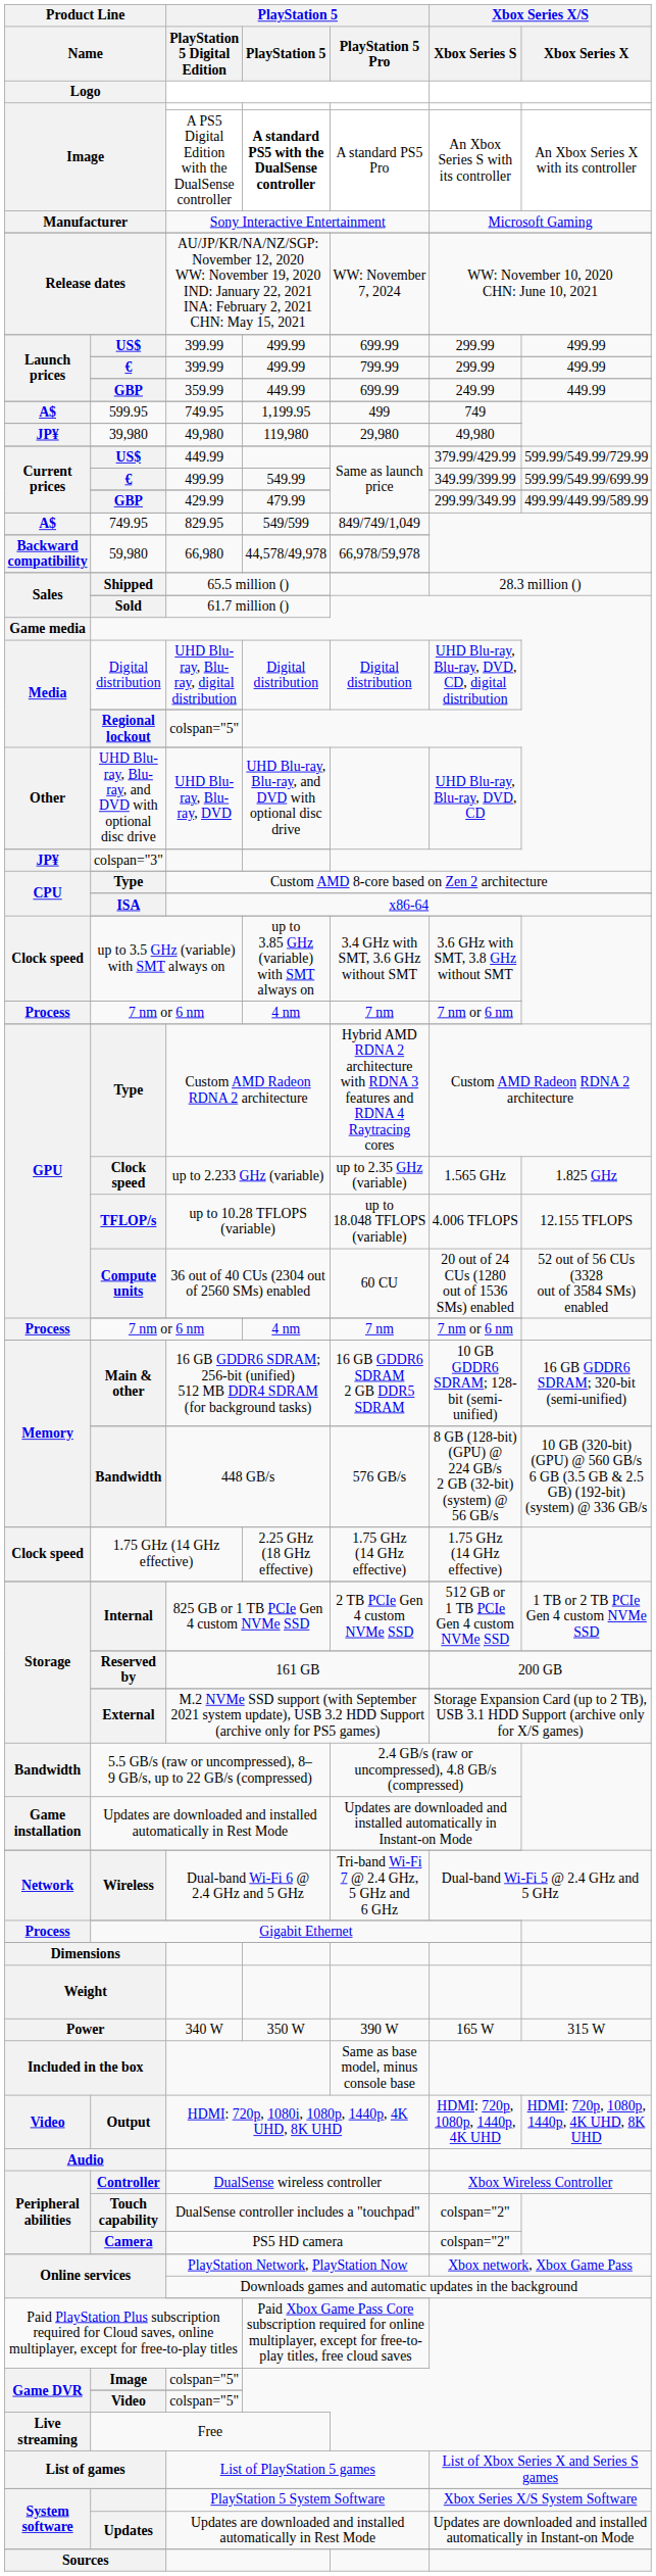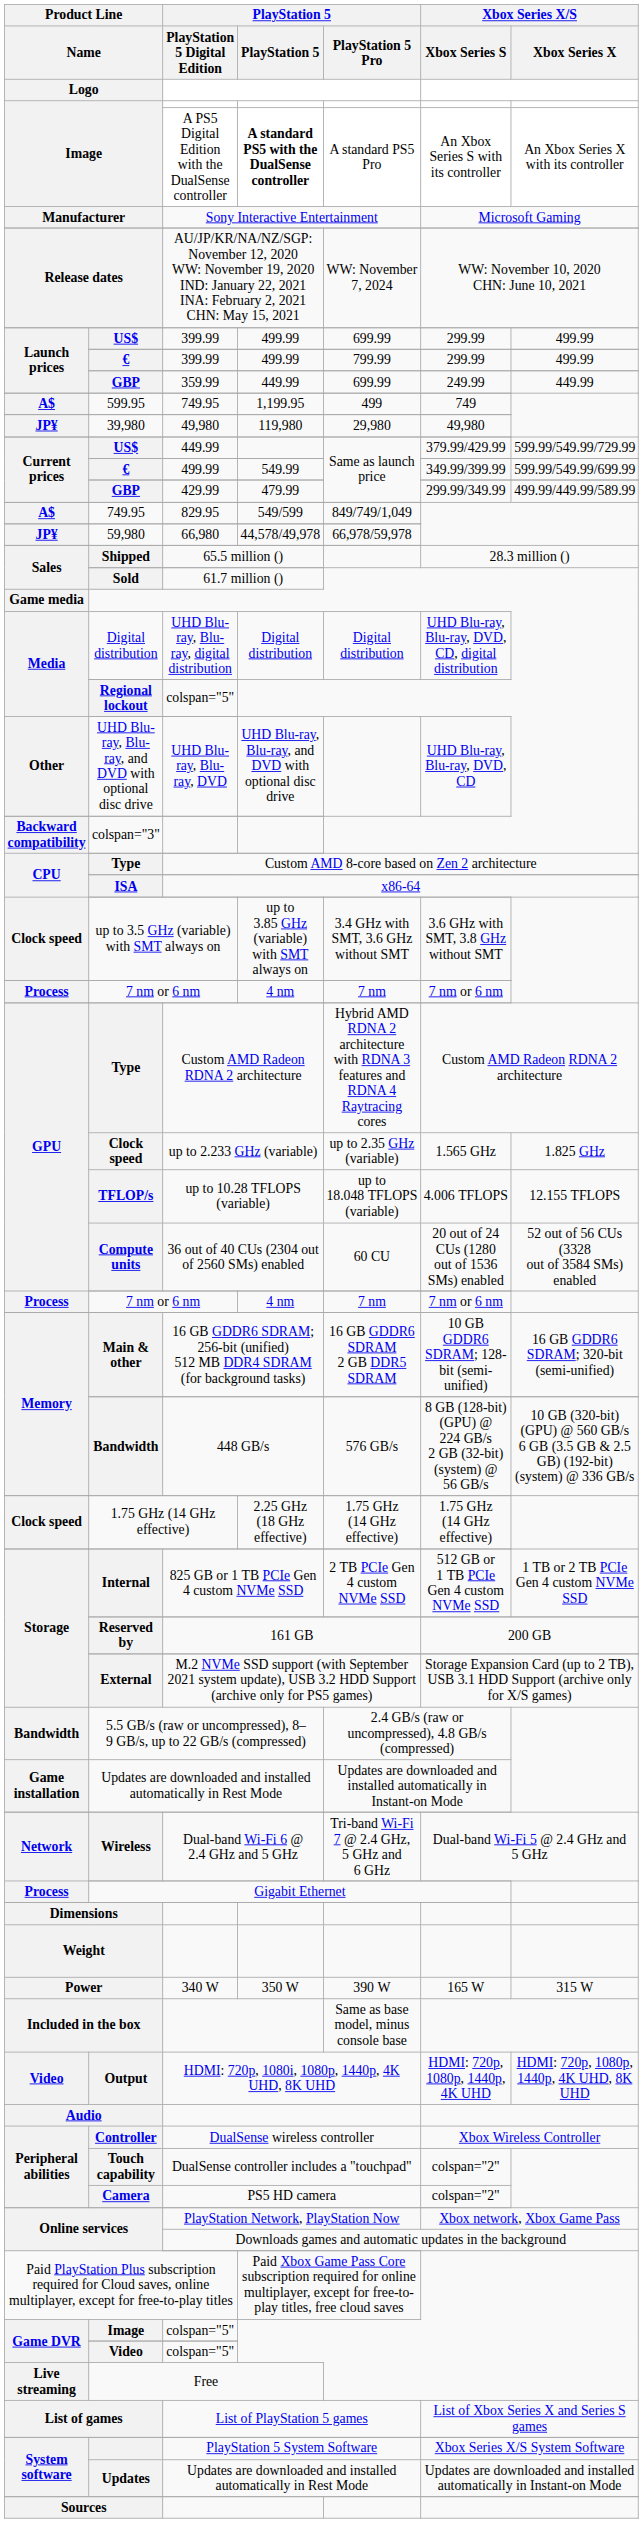 <table class="wikitable">
 <tr>
 <th colspan="2" scope="col">Product Line</th>
 <th colspan="3" style="width:45%"><a href='#'>PlayStation 5</a></th>
 <th colspan="2" style="width:45%"><a href='#'>Xbox Series X/S</a></th>
 </tr>
 <tr>
 <th colspan="2" scope="row">Name</th>
 <th>PlayStation 5 Digital Edition</th>
 <th>PlayStation 5</th>
 <th>PlayStation 5 Pro</th>
 <th>Xbox Series S</th>
 <th>Xbox Series X</th>
 </tr>
 <tr style="background: white; text-align: center;">
 <th colspan="2" scope="row">Logo</th>
 <td colspan="3"></td>
 <td colspan="2"></td>
 </tr>
 <tr style="background: white; text-align: center;">
 <th colspan="2" rowspan="2" scope="row">Image</th>
 <td></td>
 <td></td>
 <td></td>
 <td></td>
 <td></td>
 </tr>
 <tr style="background: white; text-align: center;">
 <td>A PS5 Digital Edition with the DualSense controller</td>
 <td><strong>A standard PS5 with the DualSense controller</strong></td>
 <td>A standard PS5 Pro</td>
 <td>An Xbox Series S with its controller</td>
 <td>An Xbox Series X with its controller</td>
 </tr>
 <tr align="center">
 <th colspan="2" scope="row">Manufacturer</th>
 <td colspan="3"><a href='#'>Sony Interactive Entertainment</a></td>
 <td colspan="2"><a href='#'>Microsoft Gaming</a></td>
 </tr>
 <tr>
 </tr>
 <tr align="center">
 <th colspan="2" scope="row">Release dates</th>
 <td colspan="2">AU/JP/KR/NA/NZ/SGP: November 12, 2020<br>WW: November 19, 2020<br> IND: January 22, 2021 <br> INA: February 2, 2021<br>CHN: May 15, 2021</td>
 <td>WW: November 7, 2024</td>
 <td colspan="2">WW: November 10, 2020 <br> CHN: June 10, 2021</td>
 </tr>
 <tr>
 </tr>
 <tr style="text-align: center;">
 <th rowspan="5" scope="row">Launch prices</th>
 <th scope="row"><a href='#'>US$</a></th>
 <td>399.99</td>
 <td>499.99</td>
 <td>699.99</td>
 <td>299.99</td>
 <td>499.99</td>
 </tr>
 <tr>
 </tr>
 <tr style="text-align: center;">
 <th scope="row"><a href='#'>€</a></th>
 <td>399.99</td>
 <td>499.99</td>
 <td>799.99</td>
 <td>299.99</td>
 <td>499.99</td>
 </tr>
 <tr>
 </tr>
 <tr style="text-align: center;">
 <th scope="row"><a href='#'>GBP</a></th>
 <td>359.99</td>
 <td>449.99</td>
 <td>699.99</td>
 <td>249.99</td>
 <td>449.99</td>
 </tr>
 <tr>
 </tr>
 <tr style="text-align: center;">
 <th scope="row"><a href='#'>A$</a></th>
 <td>599.95</td>
 <td>749.95</td>
 <td>1,199.95</td>
 <td>499</td>
 <td>749</td>
 </tr>
 <tr>
 </tr>
 <tr style="text-align: center;">
 <th scope="row"><a href='#'>JP¥</a></th>
 <td>39,980</td>
 <td>49,980</td>
 <td>119,980</td>
 <td>29,980</td>
 <td>49,980</td>
 </tr>
 <tr>
 </tr>
 <tr style="text-align: center;">
 <th rowspan="5" scope="row">Current prices<br></th>
 <th scope="row"><a href='#'>US$</a></th>
 <td>449.99</td>
 <td></td>
 <td rowspan="5">Same as launch price</td>
 <td>379.99/429.99</td>
 <td>599.99/549.99/729.99</td>
 </tr>
 <tr>
 </tr>
 <tr style="text-align: center;">
 <th scope="row"><a href='#'>€</a></th>
 <td>499.99</td>
 <td>549.99</td>
 <td>349.99/399.99</td>
 <td>599.99/549.99/699.99</td>
 </tr>
 <tr>
 </tr>
 <tr style="text-align: center;">
 <th scope="row"><a href='#'>GBP</a></th>
 <td>429.99</td>
 <td>479.99</td>
 <td>299.99/349.99</td>
 <td>499.99/449.99/589.99</td>
 </tr>
 <tr>
 </tr>
 <tr style="text-align: center;">
 <th scope="row"><a href='#'>A$</a></th>
 <td>749.95</td>
 <td>829.95</td>
 <td>549/599</td>
 <td>849/749/1,049</td>
 </tr>
 <tr>
 </tr>
 <tr style="text-align: center;">
-<th scope="row"><a href='#'>Backward compatibility</a></th>
+<th scope="row"><a href='#'>JP¥</a></th>
 <td>59,980</td>
 <td>66,980</td>
 <td>44,578/49,978</td>
 <td>66,978/59,978</td>
 </tr>
 <tr>
 </tr>
 <tr style="text-align: center;">
 <th rowspan="3" scope="row">Sales</th>
 <th scope="row">Shipped</th>
 <td colspan="2">65.5 million ()</td>
 <td rowspan="2"></td>
 <td colspan="2" rowspan="2">28.3 million ()</td>
 </tr>
 <tr>
 </tr>
 <tr style="text-align: center;">
 <th scope="row">Sold</th>
 <td colspan="2">61.7 million ()</td>
 </tr>
 <tr>
 <th rowspan="2" scope="row">Game media</th>
 </tr>
 <tr>
 </tr>
 <tr style="text-align: center;">
 <th rowspan="4" scope="row"><a href='#'>Media</a></th>
 <td><a href='#'>Digital distribution</a></td>
 <td><a href='#'>UHD Blu-ray</a>, <a href='#'>Blu-ray</a>, <a href='#'>digital distribution</a></td>
 <td><a href='#'>Digital distribution</a></td>
 <td><a href='#'>Digital distribution</a></td>
 <td><a href='#'>UHD Blu-ray</a>, <a href='#'>Blu-ray</a>, <a href='#'>DVD</a>, <a href='#'>CD</a>, <a href='#'>digital distribution</a></td>
 </tr>
 <tr>
 </tr>
 <tr style="text-align:center;">
 <th><a href='#'>Regional lockout</a></th>
 <td>colspan="5" </td>
 </tr>
 <tr>
 </tr>
 <tr style="text-align: center;">
 <th scope="row">Other</th>
 <td><a href='#'>UHD Blu-ray</a>, <a href='#'>Blu-ray</a>, and <a href='#'>DVD</a> with optional disc drive</td>
 <td><a href='#'>UHD Blu-ray</a>, <a href='#'>Blu-ray</a>, <a href='#'>DVD</a></td>
 <td><a href='#'>UHD Blu-ray</a>, <a href='#'>Blu-ray</a>, and <a href='#'>DVD</a> with optional disc drive</td>
 <td></td>
 <td><a href='#'>UHD Blu-ray</a>, <a href='#'>Blu-ray</a>, <a href='#'>DVD</a>, <a href='#'>CD</a></td>
 </tr>
 <tr>
 </tr>
 <tr style="text-align: center;">
-<th scope="row"><a href='#'>JP¥</a></th>
+<th scope="row"><a href='#'>Backward compatibility</a></th>
 <td>colspan="3" </td>
 <td></td>
 <td></td>
 </tr>
 <tr>
 <th rowspan="5" scope="row"><a href='#'>CPU</a></th>
 </tr>
 <tr style="text-align: center;">
 <th>Type</th>
 <td colspan="5">Custom <a href='#'>AMD</a> 8-core based on <a href='#'>Zen 2</a> architecture</td>
 </tr>
 <tr>
 </tr>
 <tr style="text-align: center;">
 <th scope="row"><a href='#'>ISA</a></th>
 <td colspan="5"><a href='#'>x86-64</a></td>
 </tr>
 <tr>
 </tr>
 <tr style="text-align: center;">
 <th scope="row">Clock speed</th>
 <td colspan="2">up to 3.5 <a href='#'>GHz</a> (variable) with <a href='#'>SMT</a> always on</td>
 <td>up to 3.85 <a href='#'>GHz</a> (variable) with <a href='#'>SMT</a> always on</td>
 <td>3.4 GHz with SMT, 3.6 GHz without SMT</td>
 <td>3.6 GHz with SMT, 3.8 <a href='#'>GHz</a> without SMT</td>
 </tr>
 <tr>
 </tr>
 <tr style="text-align: center;">
 <th scope="row"><a href='#'>Process</a></th>
 <td colspan="2"><a href='#'>7 nm</a> or <a href='#'>6 nm</a></td>
 <td><a href='#'>4 nm</a></td>
 <td><a href='#'>7 nm</a></td>
 <td><a href='#'>7 nm</a> or <a href='#'>6 nm</a></td>
 </tr>
 <tr>
 </tr>
 <tr style="text-align: center;">
 <th rowspan="5" scope="row"><a href='#'>GPU</a></th>
 <th scope="row">Type</th>
 <td colspan="2">Custom <a href='#'>AMD Radeon</a> <a href='#'>RDNA 2</a> architecture</td>
 <td>Hybrid AMD <a href='#'>RDNA 2</a> architecture with <a href='#'>RDNA 3</a> features and <a href='#'>RDNA 4</a> <a href='#'>Raytracing</a> cores</td>
 <td colspan="2">Custom <a href='#'>AMD Radeon</a> <a href='#'>RDNA 2</a> architecture</td>
 </tr>
 <tr style="text-align: center;">
 <th scope="row">Clock speed</th>
 <td colspan="2">up to 2.233 <a href='#'>GHz</a> (variable)</td>
 <td>up to 2.35 <a href='#'>GHz</a> (variable)</td>
 <td>1.565 GHz</td>
 <td>1.825 <a href='#'>GHz</a></td>
 </tr>
 <tr style="text-align: center;">
 <th scope="row"><a href='#'>TFLOP/s</a></th>
 <td colspan="2">up to 10.28 TFLOPS (variable)</td>
 <td>up to 18.048 TFLOPS (variable)</td>
 <td>4.006 TFLOPS</td>
 <td>12.155 TFLOPS</td>
 </tr>
 <tr style="text-align: center;">
 <th scope="row"><a href='#'>Compute units</a></th>
 <td colspan="2">36 out of 40 CUs (2304 out of 2560 SMs) enabled</td>
 <td>60 CU</td>
 <td>20 out of 24 CUs (1280<br>out of 1536 SMs) enabled</td>
 <td>52 out of 56 CUs (3328<br>out of 3584 SMs) enabled</td>
 </tr>
 <tr>
 </tr>
 <tr style="text-align: center;">
 <th scope="row"><a href='#'>Process</a></th>
 <td colspan="2"><a href='#'>7 nm</a> or <a href='#'>6 nm</a></td>
 <td><a href='#'>4 nm</a></td>
 <td><a href='#'>7 nm</a></td>
 <td><a href='#'>7 nm</a> or <a href='#'>6 nm</a></td>
 </tr>
 <tr>
 </tr>
 <tr style="text-align: center;">
 <th rowspan="3" scope="row"><a href='#'>Memory</a></th>
 <th>Main &<br>other</th>
 <td colspan="2">16 GB <a href='#'>GDDR6 SDRAM</a>; 256-bit (unified) <br> 512 MB <a href='#'>DDR4 SDRAM</a> (for background tasks)</td>
 <td>16 GB <a href='#'>GDDR6 SDRAM</a> <br> 2 GB <a href='#'>DDR5 SDRAM</a></td>
 <td>10 GB <a href='#'>GDDR6 SDRAM</a>; 128-bit (semi-unified)</td>
 <td>16 GB <a href='#'>GDDR6 SDRAM</a>; 320-bit (semi-unified)</td>
 </tr>
 <tr>
 </tr>
 <tr style="text-align: center;">
 <th>Bandwidth</th>
 <td colspan="2">448 GB/s</td>
 <td>576 GB/s</td>
 <td>8 GB (128-bit) (GPU) @ 224 GB/s<br> 2 GB (32-bit) (system) @ 56 GB/s</td>
 <td>10 GB (320-bit) (GPU) @ 560 GB/s<br> 6 GB (3.5 GB & 2.5 GB) (192-bit) (system) @ 336 GB/s</td>
 </tr>
 <tr>
 </tr>
 <tr style="text-align: center;">
 <th scope="row">Clock speed</th>
 <td colspan="2">1.75 GHz (14 GHz effective)</td>
 <td>2.25 GHz (18 GHz effective)</td>
 <td>1.75 GHz (14 GHz effective)</td>
 <td>1.75 GHz (14 GHz effective)</td>
 </tr>
 <tr>
 </tr>
 <tr style="text-align: center;">
 <th rowspan="5" scope="row">Storage</th>
 <th scope="row">Internal</th>
 <td colspan="2">825 GB or 1 TB <a href='#'>PCIe</a> Gen 4 custom <a href='#'>NVMe</a> <a href='#'>SSD</a></td>
 <td>2 TB <a href='#'>PCIe</a> Gen 4 custom <a href='#'>NVMe</a> <a href='#'>SSD</a></td>
 <td>512 GB or 1 TB <a href='#'>PCIe</a> Gen 4 custom <a href='#'>NVMe</a> <a href='#'>SSD</a></td>
 <td>1 TB or 2 TB <a href='#'>PCIe</a> Gen 4 custom <a href='#'>NVMe</a> <a href='#'>SSD</a></td>
 </tr>
 <tr>
 </tr>
 <tr style="text-align: center;">
 <th scope="row">Reserved by </th>
 <td colspan="3">161 GB</td>
 <td colspan="2">200 GB</td>
 </tr>
 <tr>
 </tr>
 <tr style="text-align: center;">
 <th scope="row">External</th>
 <td colspan="3">M.2 <a href='#'>NVMe</a> SSD support (with September 2021 system update), USB 3.2 HDD Support (archive only for PS5 games)</td>
 <td colspan="2">Storage Expansion Card (up to 2 TB), USB 3.1 HDD Support (archive only for X/S games)</td>
 </tr>
 <tr align="center">
 <th>Bandwidth</th>
 <td colspan="3">5.5 GB/s (raw or uncompressed), 8–9 GB/s, up to 22 GB/s (compressed)</td>
 <td colspan="2">2.4 GB/s (raw or uncompressed), 4.8 GB/s (compressed)</td>
 </tr>
 <tr align="center">
 <th>Game installation</th>
 <td colspan="3">Updates are downloaded and installed automatically in Rest Mode</td>
 <td colspan="2">Updates are downloaded and installed automatically in Instant-on Mode</td>
 </tr>
 <tr>
 </tr>
 <tr style="text-align: center;">
 <th rowspan="2" scope="row"><a href='#'>Network</a></th>
 <th>Wireless</th>
 <td colspan="2">Dual-band <a href='#'>Wi-Fi 6</a> @ 2.4 GHz and 5 GHz</td>
 <td>Tri-band <a href='#'>Wi-Fi 7</a> @ 2.4 GHz, 5 GHz and 6 GHz</td>
 <td colspan="2">Dual-band <a href='#'>Wi-Fi 5</a> @ 2.4 GHz and 5 GHz</td>
 </tr>
 <tr>
 </tr>
 <tr style="text-align: center;">
 <th scope="row"><a href='#'>Process</a></th>
 <td colspan="5"><a href='#'>Gigabit Ethernet</a></td>
 </tr>
 <tr>
 </tr>
 <tr style="text-align: center;">
 <th colspan="2">Dimensions</th>
 <td><br></td>
 <td><br></td>
 <td></td>
 <td></td>
 <td></td>
 </tr>
 <tr align="center">
 <th colspan="2">Weight</th>
 <td><br><br><br></td>
 <td><br><br><br></td>
 <td></td>
 <td></td>
 <td></td>
 </tr>
 <tr align="center">
 <th colspan="2">Power</th>
 <td>340 W</td>
 <td>350 W</td>
 <td>390 W</td>
 <td>165 W</td>
 <td>315 W</td>
 </tr>
 <tr style="text-align: center;">
 <th colspan="2">Included in the box</th>
 <td colspan="2"></td>
 <td>Same as base model, minus console base</td>
 <td colspan="2"></td>
 </tr>
 <tr style="text-align: center;">
 <th><a href='#'>Video</a></th>
 <th>Output</th>
 <td colspan="3"><a href='#'>HDMI</a>: <a href='#'>720p</a>, <a href='#'>1080i</a>, <a href='#'>1080p</a>, <a href='#'>1440p</a>, <a href='#'>4K UHD</a>, <a href='#'>8K UHD</a></td>
 <td><a href='#'>HDMI</a>: <a href='#'>720p</a>, <a href='#'>1080p</a>, <a href='#'>1440p</a>, <a href='#'>4K UHD</a></td>
 <td><a href='#'>HDMI</a>: <a href='#'>720p</a>, <a href='#'>1080p</a>, <a href='#'>1440p</a>, <a href='#'>4K UHD</a>, <a href='#'>8K UHD</a></td>
 </tr>
 <tr>
 <th colspan="2"><a href='#'>Audio</a></th>
 <td colspan="3"></td>
 <td colspan="2"></td>
 </tr>
 <tr style="text-align: center;">
 <th rowspan="3">Peripheral abilities</th>
 <th><a href='#'>Controller</a></th>
 <td colspan="3"><a href='#'>DualSense</a> wireless controller</td>
 <td colspan="2"><a href='#'>Xbox Wireless Controller</a></td>
 </tr>
 <tr align="center">
 <th>Touch capability</th>
 <td colspan="3">DualSense controller includes a "touchpad"</td>
 <td>colspan="2" </td>
 </tr>
 <tr align="center">
 <th><a href='#'>Camera</a></th>
 <td colspan="3">PS5 HD camera</td>
 <td>colspan="2" </td>
 </tr>
 <tr>
 </tr>
 <tr style="text-align: center;">
 <th rowspan="3" colspan="2">Online services</th>
 <td colspan="3"><a href='#'>PlayStation Network</a>, <a href='#'>PlayStation Now</a></td>
 <td colspan="2"><a href='#'>Xbox network</a>, <a href='#'>Xbox Game Pass</a></td>
 </tr>
 <tr align="center">
 <td colspan="5">Downloads games and automatic updates in the background</td>
 </tr>
 <tr>
 </tr>
 <tr style="text-align: center;">
 <td colspan="3">Paid <a href='#'>PlayStation Plus</a> subscription required for Cloud saves, online multiplayer, except for free-to-play titles</td>
 <td colspan="2">Paid <a href='#'>Xbox Game Pass Core</a> subscription required for online multiplayer, except for free-to-play titles, free cloud saves</td>
 </tr>
 <tr style="text-align: center;">
 <th rowspan="3"><a href='#'>Game DVR</a></th>
 <th>Image</th>
 <td>colspan="5" </td>
 </tr>
 <tr>
 </tr>
 <tr style="text-align: center;">
 <th>Video</th>
 <td>colspan="5" </td>
 </tr>
 <tr style="text-align: center;">
 <th>Live streaming</th>
 <td colspan="3">Free</td>
 </tr>
 <tr align="center">
 <th colspan="2">List of games</th>
 <td colspan="3"><a href='#'>List of PlayStation 5 games</a></td>
 <td colspan="2"><a href='#'>List of Xbox Series X and Series S games</a></td>
 </tr>
 <tr>
 </tr>
 <tr align="center">
 </tr>
 <tr align="center">
 <th rowspan="2"><a href='#'>System software</a></th>
 <th></th>
 <td colspan="3"><a href='#'>PlayStation 5 System Software</a></td>
 <td colspan="2"><a href='#'>Xbox Series X/S System Software</a></td>
 </tr>
 <tr align="center">
 <th>Updates</th>
 <td colspan="3">Updates are downloaded and installed automatically in Rest Mode</td>
 <td colspan="2">Updates are downloaded and installed automatically in Instant-on Mode</td>
 </tr>
 <tr>
 </tr>
 <tr style="text-align: center;">
 <th colspan="2">Sources</th>
 <td colspan="2"></td>
 <td></td>
 <td colspan="2"></td>
 </tr>
 </table>
